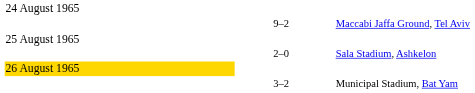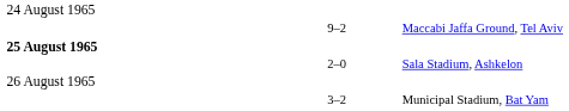 <table style="width:100%;" cellspacing="1">
 <tr>
 <th width=25%></th>
 <th width=10%></th>
 <th></th>
 </tr>
 <tr>
 <td>24 August 1965</td>
 </tr>
 <tr>
 </tr>
 <tr style=font-size:90%>
 <td align=right></td>
 <td align=center>9–2</td>
 <td></td>
 <td><a href='#'>Maccabi Jaffa Ground</a>, <a href='#'>Tel Aviv</a></td>
 </tr>
 <tr>
-<td>25 August 1965</td>
+<td><strong>25 August 1965</strong></td>
 </tr>
 <tr style=font-size:90%>
 <td align=right></td>
 <td align=center>2–0</td>
 <td></td>
 <td><a href='#'>Sala Stadium</a>, <a href='#'>Ashkelon</a></td>
 </tr>
 <tr>
-<td style="background: gold;">26 August 1965</td>
+<td>26 August 1965</td>
 </tr>
 <tr style=font-size:90%>
 <td align=right></td>
 <td align=center>3–2</td>
 <td></td>
 <td>Municipal Stadium, <a href='#'>Bat Yam</a></td>
 </tr>
 </table>
